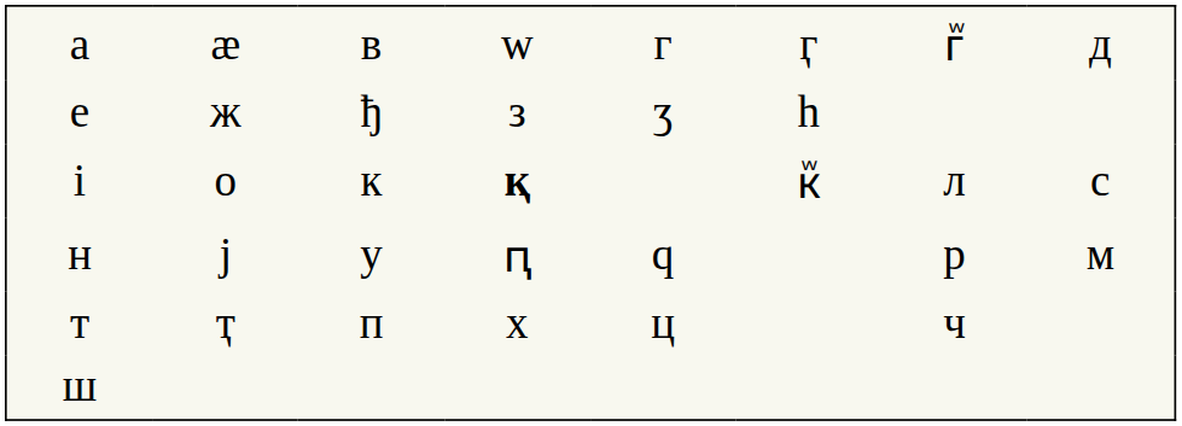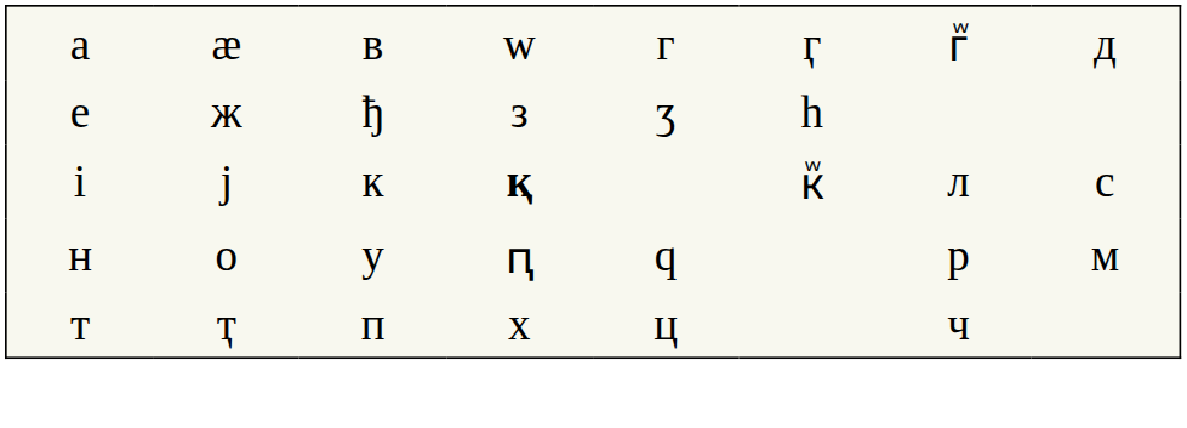 <table style="font-family:Arial Unicode MS; font-size:1.4em; border-color:#000000; border-width:1px; border-style:solid; border-collapse:collapse; background-color:#F8F8EF">
 <tr>
 <td style="width:3em; text-align:center; padding: 3px;">а</td>
 <td style="width:3em; text-align:center; padding: 3px;">ӕ</td>
 <td style="width:3em; text-align:center; padding: 3px;">в</td>
 <td style="width:3em; text-align:center; padding: 3px;">ԝ</td>
 <td style="width:3em; text-align:center; padding: 3px;">г</td>
 <td style="width:3em; text-align:center; padding: 3px;">ӷ</td>
 <td style="width:3em; text-align:center; padding: 3px;">гᷱ</td>
 <td style="width:3em; text-align:center; padding: 3px;">д</td>
 </tr>
 <tr>
 <td style="width:3em; text-align:center; padding: 3px;">е</td>
 <td style="width:3em; text-align:center; padding: 3px;">ж</td>
 <td style="width:3em; text-align:center; padding: 3px;">ђ</td>
 <td style="width:3em; text-align:center; padding: 3px;">з</td>
 <td style="width:3em; text-align:center; padding: 3px;">ӡ</td>
 <td style="width:3em; text-align:center; padding: 3px;">һ</td>
 <td style="width:3em; text-align:center; padding: 3px;"></td>
 <td style="width:3em; text-align:center; padding: 3px;"></td>
 </tr>
 <tr>
 <td style="width:3em; text-align:center; padding: 3px;">і</td>
-<td style="width:3em; text-align:center; padding: 3px;">о</td>
+<td style="width:3em; text-align:center; padding: 3px;">ј</td>
 <td style="width:3em; text-align:center; padding: 3px;">к</td>
 <td style="width:3em; text-align:center; padding: 3px;"><strong>қ</strong></td>
 <td style="width:3em; text-align:center; padding: 3px;"></td>
 <td style="width:3em; text-align:center; padding: 3px;">кᷱ</td>
 <td style="width:3em; text-align:center; padding: 3px;">л</td>
 <td style="width:3em; text-align:center; padding: 3px;">с</td>
 </tr>
 <tr>
 <td style="width:3em; text-align:center; padding: 3px;">н</td>
-<td style="width:3em; text-align:center; padding: 3px;">ј</td>
+<td style="width:3em; text-align:center; padding: 3px;">о</td>
 <td style="width:3em; text-align:center; padding: 3px;">у</td>
 <td style="width:3em; text-align:center; padding: 3px;">ԥ</td>
 <td style="width:3em; text-align:center; padding: 3px;">ԛ</td>
 <td style="width:3em; text-align:center; padding: 3px;"></td>
 <td style="width:3em; text-align:center; padding: 3px;">р</td>
 <td style="width:3em; text-align:center; padding: 3px;">м</td>
 </tr>
 <tr>
 <td style="width:3em; text-align:center; padding: 3px;">т</td>
 <td style="width:3em; text-align:center; padding: 3px;">ҭ</td>
 <td style="width:3em; text-align:center; padding: 3px;">п</td>
 <td style="width:3em; text-align:center; padding: 3px;">х</td>
 <td style="width:3em; text-align:center; padding: 3px;">ц</td>
 <td style="width:3em; text-align:center; padding: 3px;"></td>
 <td style="width:3em; text-align:center; padding: 3px;">ч</td>
 <td style="width:3em; text-align:center; padding: 3px;"></td>
 </tr>
-<tr>
-<td style="width:3em; text-align:center; padding: 3px;">ш</td>
-<td style="width:3em; text-align:center; padding: 3px;"></td>
-<td style="width:3em; text-align:center; padding: 3px;"></td>
-<td style="width:3em; text-align:center; padding: 3px;"></td>
-<td style="width:3em; text-align:center; padding: 3px;"></td>
-<td style="width:3em; text-align:center; padding: 3px;"></td>
-<td></td>
-<td></td>
-</tr>
 </table>
